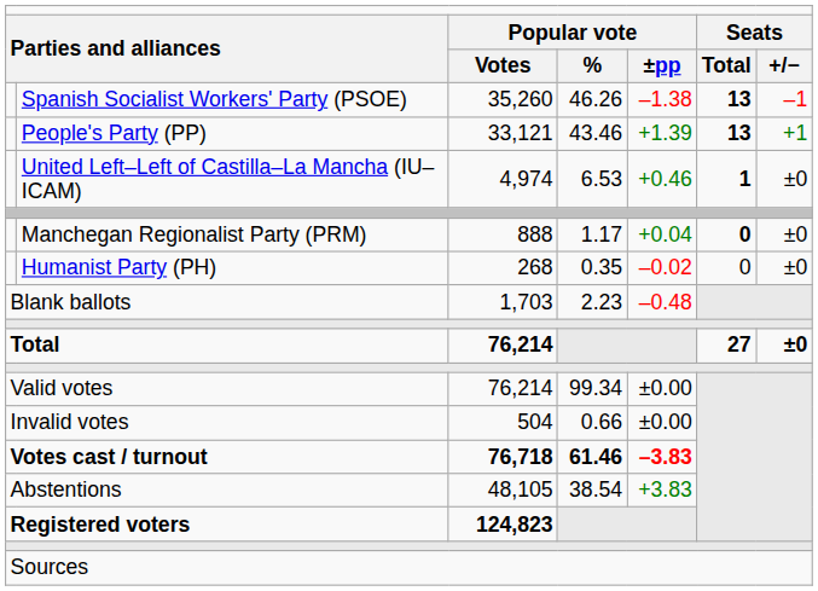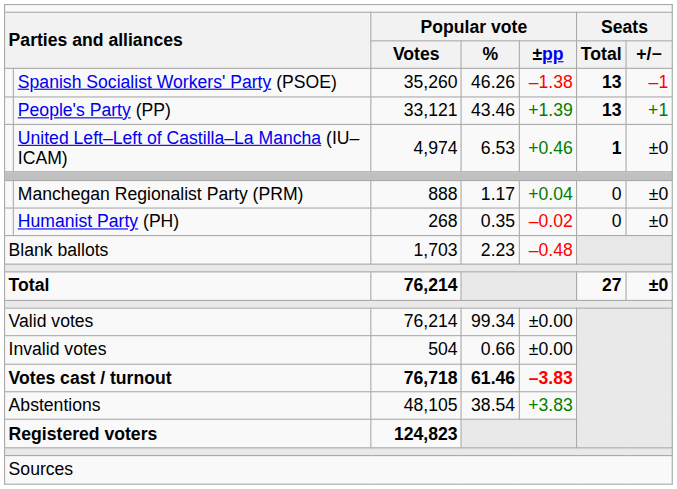 <table class="wikitable" style="text-align:right;">
 <tr>
 <td colspan="7"></td>
 </tr>
 <tr>
 <th style="text-align:left;" rowspan="2" colspan="2" width="525">Parties and alliances</th>
 <th colspan="3">Popular vote</th>
 <th colspan="2">Seats</th>
 </tr>
 <tr>
 <th width="75">Votes</th>
 <th width="45">%</th>
 <th width="45">±<a href='#'>pp</a></th>
 <th width="35">Total</th>
 <th width="35">+/−</th>
 </tr>
 <tr>
 <td width="1" style="color:inherit;background:"></td>
 <td align="left"><a href='#'>Spanish Socialist Workers' Party</a> (PSOE)</td>
 <td>35,260</td>
 <td>46.26</td>
 <td style="color:red;">–1.38</td>
 <td><strong>13</strong></td>
 <td style="color:red;">–1</td>
 </tr>
 <tr>
 <td style="color:inherit;background:"></td>
 <td align="left"><a href='#'>People's Party</a> (PP)</td>
 <td>33,121</td>
 <td>43.46</td>
 <td style="color:green;">+1.39</td>
 <td><strong>13</strong></td>
 <td style="color:green;">+1</td>
 </tr>
 <tr>
 <td style="color:inherit;background:"></td>
 <td align="left"><a href='#'>United Left–Left of Castilla–La Mancha</a> (IU–ICAM)</td>
 <td>4,974</td>
 <td>6.53</td>
 <td style="color:green;">+0.46</td>
 <td><strong>1</strong></td>
 <td>±0</td>
 </tr>
 <tr>
 <td colspan="7" bgcolor="#C0C0C0"></td>
 </tr>
 <tr>
 <td style="color:inherit;background:"></td>
 <td align="left">Manchegan Regionalist Party (PRM)</td>
 <td>888</td>
 <td>1.17</td>
 <td style="color:green;">+0.04</td>
-<td><strong>0</strong></td>
+<td>0</td>
 <td>±0</td>
 </tr>
 <tr>
 <td style="color:inherit;background:"></td>
 <td align="left"><a href='#'>Humanist Party</a> (PH)</td>
 <td>268</td>
 <td>0.35</td>
 <td style="color:red;">–0.02</td>
 <td>0</td>
 <td>±0</td>
 </tr>
 <tr>
 <td align="left" colspan="2">Blank ballots</td>
 <td>1,703</td>
 <td>2.23</td>
 <td style="color:red;">–0.48</td>
 <td bgcolor="#E9E9E9" colspan="2"></td>
 </tr>
 <tr>
 <td colspan="7" bgcolor="#E9E9E9"></td>
 </tr>
 <tr style="font-weight:bold;">
 <td align="left" colspan="2">Total</td>
 <td>76,214</td>
 <td bgcolor="#E9E9E9" colspan="2"></td>
 <td>27</td>
 <td>±0</td>
 </tr>
 <tr>
 <td colspan="7" bgcolor="#E9E9E9"></td>
 </tr>
 <tr>
 <td align="left" colspan="2">Valid votes</td>
 <td>76,214</td>
 <td>99.34</td>
 <td>±0.00</td>
 <td bgcolor="#E9E9E9" colspan="2" rowspan="5"></td>
 </tr>
 <tr>
 <td align="left" colspan="2">Invalid votes</td>
 <td>504</td>
 <td>0.66</td>
 <td>±0.00</td>
 </tr>
 <tr style="font-weight:bold;">
 <td align="left" colspan="2">Votes cast / turnout</td>
 <td>76,718</td>
 <td>61.46</td>
 <td style="color:red;">–3.83</td>
 </tr>
 <tr>
 <td align="left" colspan="2">Abstentions</td>
 <td>48,105</td>
 <td>38.54</td>
 <td style="color:green;">+3.83</td>
 </tr>
 <tr style="font-weight:bold;">
 <td align="left" colspan="2">Registered voters</td>
 <td>124,823</td>
 <td bgcolor="#E9E9E9" colspan="2"></td>
 </tr>
 <tr>
 <td colspan="7" bgcolor="#E9E9E9"></td>
 </tr>
 <tr>
 <td align="left" colspan="7">Sources</td>
 </tr>
 </table>
